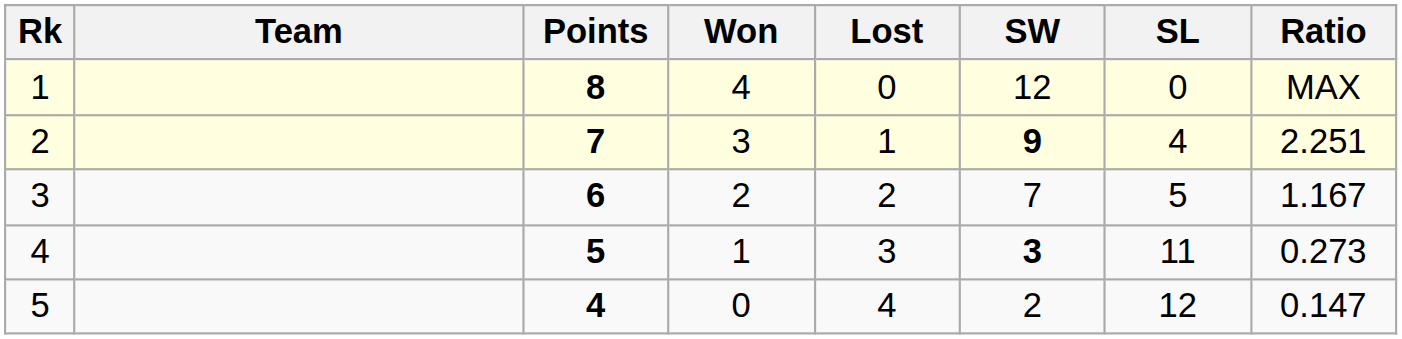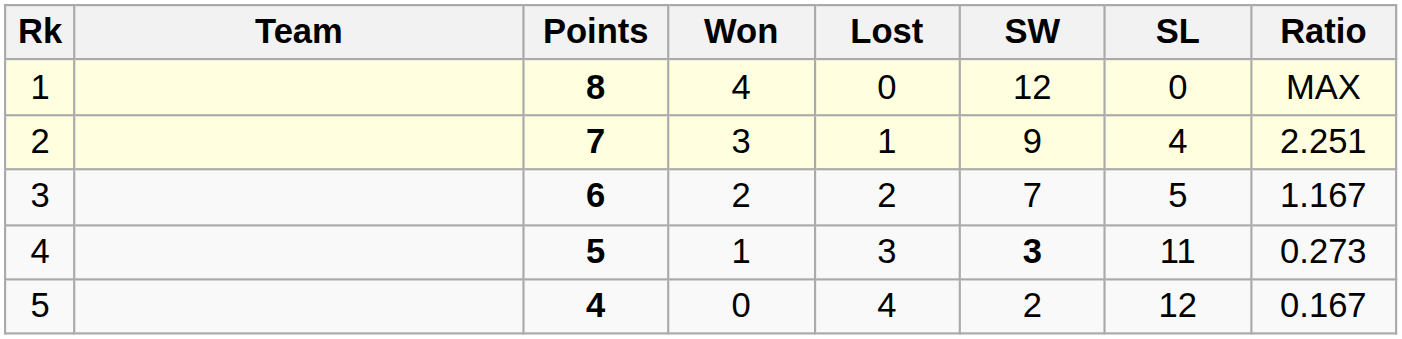 <table class=wikitable style="text-align:center">
 <tr bgcolor="#DCDCDC">
 <th width="25">Rk</th>
 <th width="200">Team</th>
 <th width="60">Points</th>
 <th width="60">Won</th>
 <th width="60">Lost</th>
 <th width="60">SW</th>
 <th width="60">SL</th>
 <th width="60">Ratio</th>
 </tr>
 <tr bgcolor=lightyellow>
 <td>1</td>
 <td align=left></td>
 <td><strong>8</strong></td>
 <td>4</td>
 <td>0</td>
 <td>12</td>
 <td>0</td>
 <td>MAX</td>
 </tr>
 <tr bgcolor=lightyellow>
 <td>2</td>
 <td align=left></td>
 <td><strong>7</strong></td>
 <td>3</td>
 <td>1</td>
-<td><strong>9</strong></td>
+<td>9</td>
 <td>4</td>
 <td>2.251</td>
 </tr>
 <tr>
 <td>3</td>
 <td align=left></td>
 <td><strong>6</strong></td>
 <td>2</td>
 <td>2</td>
 <td>7</td>
 <td>5</td>
 <td>1.167</td>
 </tr>
 <tr>
 <td>4</td>
 <td align=left></td>
 <td><strong>5</strong></td>
 <td>1</td>
 <td>3</td>
 <td><strong>3</strong></td>
 <td>11</td>
 <td>0.273</td>
 </tr>
 <tr>
 <td>5</td>
 <td align=left></td>
 <td><strong>4</strong></td>
 <td>0</td>
 <td>4</td>
 <td>2</td>
 <td>12</td>
-<td>0.147</td>
+<td>0.167</td>
 </tr>
 </table>
